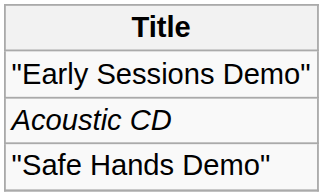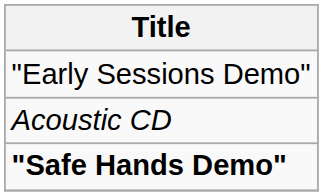 <table class="wikitable">
 <tr>
 <th>Title</th>
 </tr>
 <tr>
 <td>"Early Sessions Demo"</td>
 </tr>
 <tr>
 <td><em>Acoustic CD</em></td>
 </tr>
 <tr>
-<td>"Safe Hands Demo"</td>
+<td><strong>"Safe Hands Demo"</strong></td>
 </tr>
 <tr>
 </tr>
 </table>
